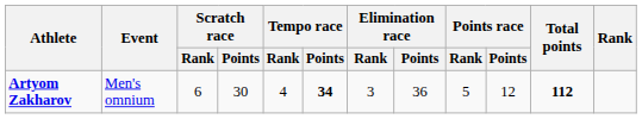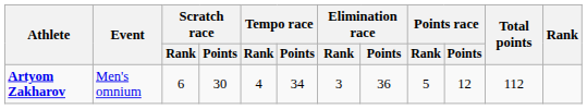 <table class=wikitable style=font-size:90%;text-align:center>
 <tr>
 <th rowspan="2">Athlete</th>
 <th rowspan="2">Event</th>
 <th colspan=2>Scratch race</th>
 <th colspan=2>Tempo race</th>
 <th colspan=2>Elimination race</th>
 <th colspan=2>Points race</th>
 <th rowspan=2>Total points</th>
 <th rowspan=2>Rank</th>
 </tr>
 <tr style="font-size:95%">
 <th>Rank</th>
 <th>Points</th>
 <th>Rank</th>
 <th>Points</th>
 <th>Rank</th>
 <th>Points</th>
 <th>Rank</th>
 <th>Points</th>
 </tr>
 <tr>
 <td align=left><strong><a href='#'>Artyom Zakharov</a></strong></td>
 <td align=left><a href='#'>Men's omnium</a></td>
 <td>6</td>
 <td>30</td>
 <td>4</td>
-<td><strong>34</strong></td>
+<td>34</td>
 <td>3</td>
 <td>36</td>
 <td>5</td>
 <td>12</td>
-<td><strong>112</strong></td>
+<td>112</td>
 <td></td>
 </tr>
 </table>
